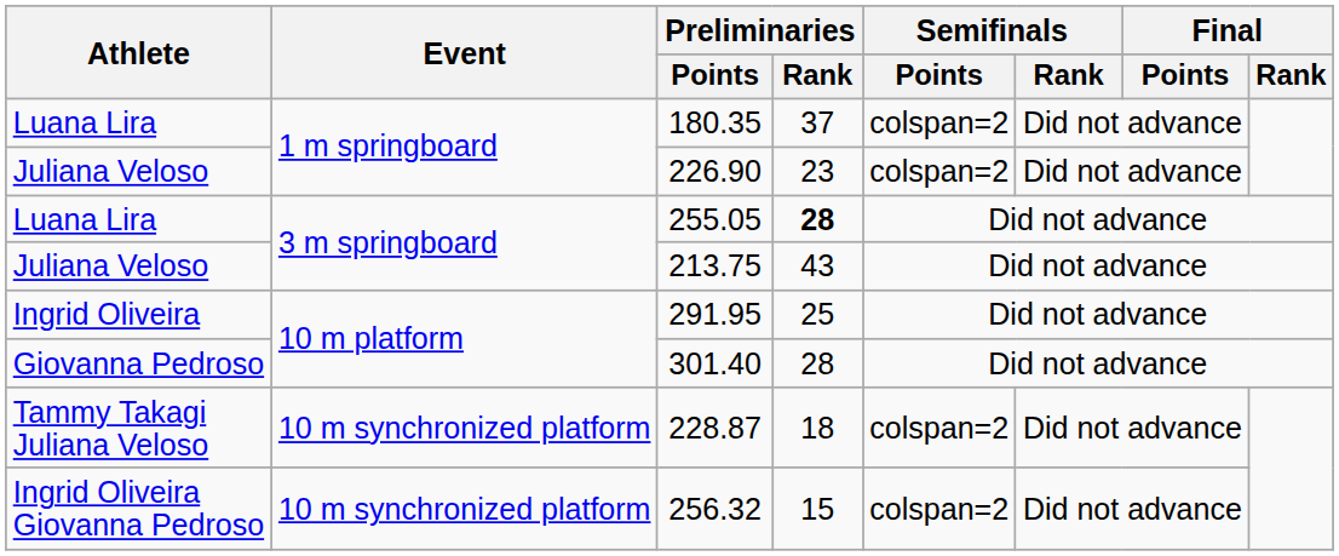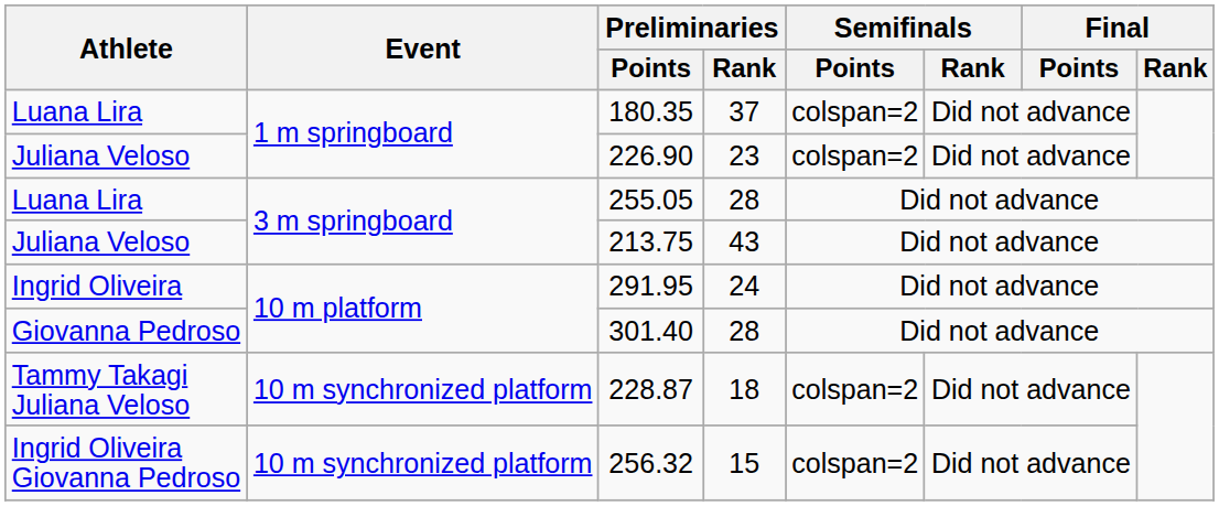 <table class=wikitable style="font-size:90%;">
 <tr>
 <th rowspan="2">Athlete</th>
 <th rowspan="2">Event</th>
 <th colspan="2">Preliminaries</th>
 <th colspan="2">Semifinals</th>
 <th colspan="2">Final</th>
 </tr>
 <tr style="font-size:95%">
 <th>Points</th>
 <th>Rank</th>
 <th>Points</th>
 <th>Rank</th>
 <th>Points</th>
 <th>Rank</th>
 </tr>
 <tr align=center>
 <td align=left><a href='#'>Luana Lira</a></td>
 <td align=left rowspan=2><a href='#'>1 m springboard</a></td>
 <td>180.35</td>
 <td>37</td>
 <td>colspan=2 </td>
 <td colspan=2>Did not advance</td>
 </tr>
 <tr align=center>
 <td align=left><a href='#'>Juliana Veloso</a></td>
 <td>226.90</td>
 <td>23</td>
 <td>colspan=2 </td>
 <td colspan=2>Did not advance</td>
 </tr>
 <tr align=center>
 <td align=left><a href='#'>Luana Lira</a></td>
 <td align=left rowspan=2><a href='#'>3 m springboard</a></td>
 <td>255.05</td>
-<td><strong>28</strong></td>
+<td>28</td>
 <td colspan=4>Did not advance</td>
 </tr>
 <tr align=center>
 <td align=left><a href='#'>Juliana Veloso</a></td>
 <td>213.75</td>
 <td>43</td>
 <td colspan=4>Did not advance</td>
 </tr>
 <tr align=center>
 <td align=left><a href='#'>Ingrid Oliveira</a></td>
 <td align=left rowspan=2><a href='#'>10 m platform</a></td>
 <td>291.95</td>
-<td>25</td>
+<td>24</td>
 <td colspan=4>Did not advance</td>
 </tr>
 <tr align=center>
 <td align=left><a href='#'>Giovanna Pedroso</a></td>
 <td>301.40</td>
 <td>28</td>
 <td colspan=4>Did not advance</td>
 </tr>
 <tr align=center>
 <td align=left><a href='#'>Tammy Takagi</a><br><a href='#'>Juliana Veloso</a></td>
 <td align=left><a href='#'>10 m synchronized platform</a></td>
 <td>228.87</td>
 <td>18</td>
 <td>colspan=2 </td>
 <td colspan=2>Did not advance</td>
 </tr>
 <tr align=center>
 <td align=left><a href='#'>Ingrid Oliveira</a><br><a href='#'>Giovanna Pedroso</a></td>
 <td align=left><a href='#'>10 m synchronized platform</a></td>
 <td>256.32</td>
 <td>15</td>
 <td>colspan=2 </td>
 <td colspan=2>Did not advance</td>
 </tr>
 </table>
